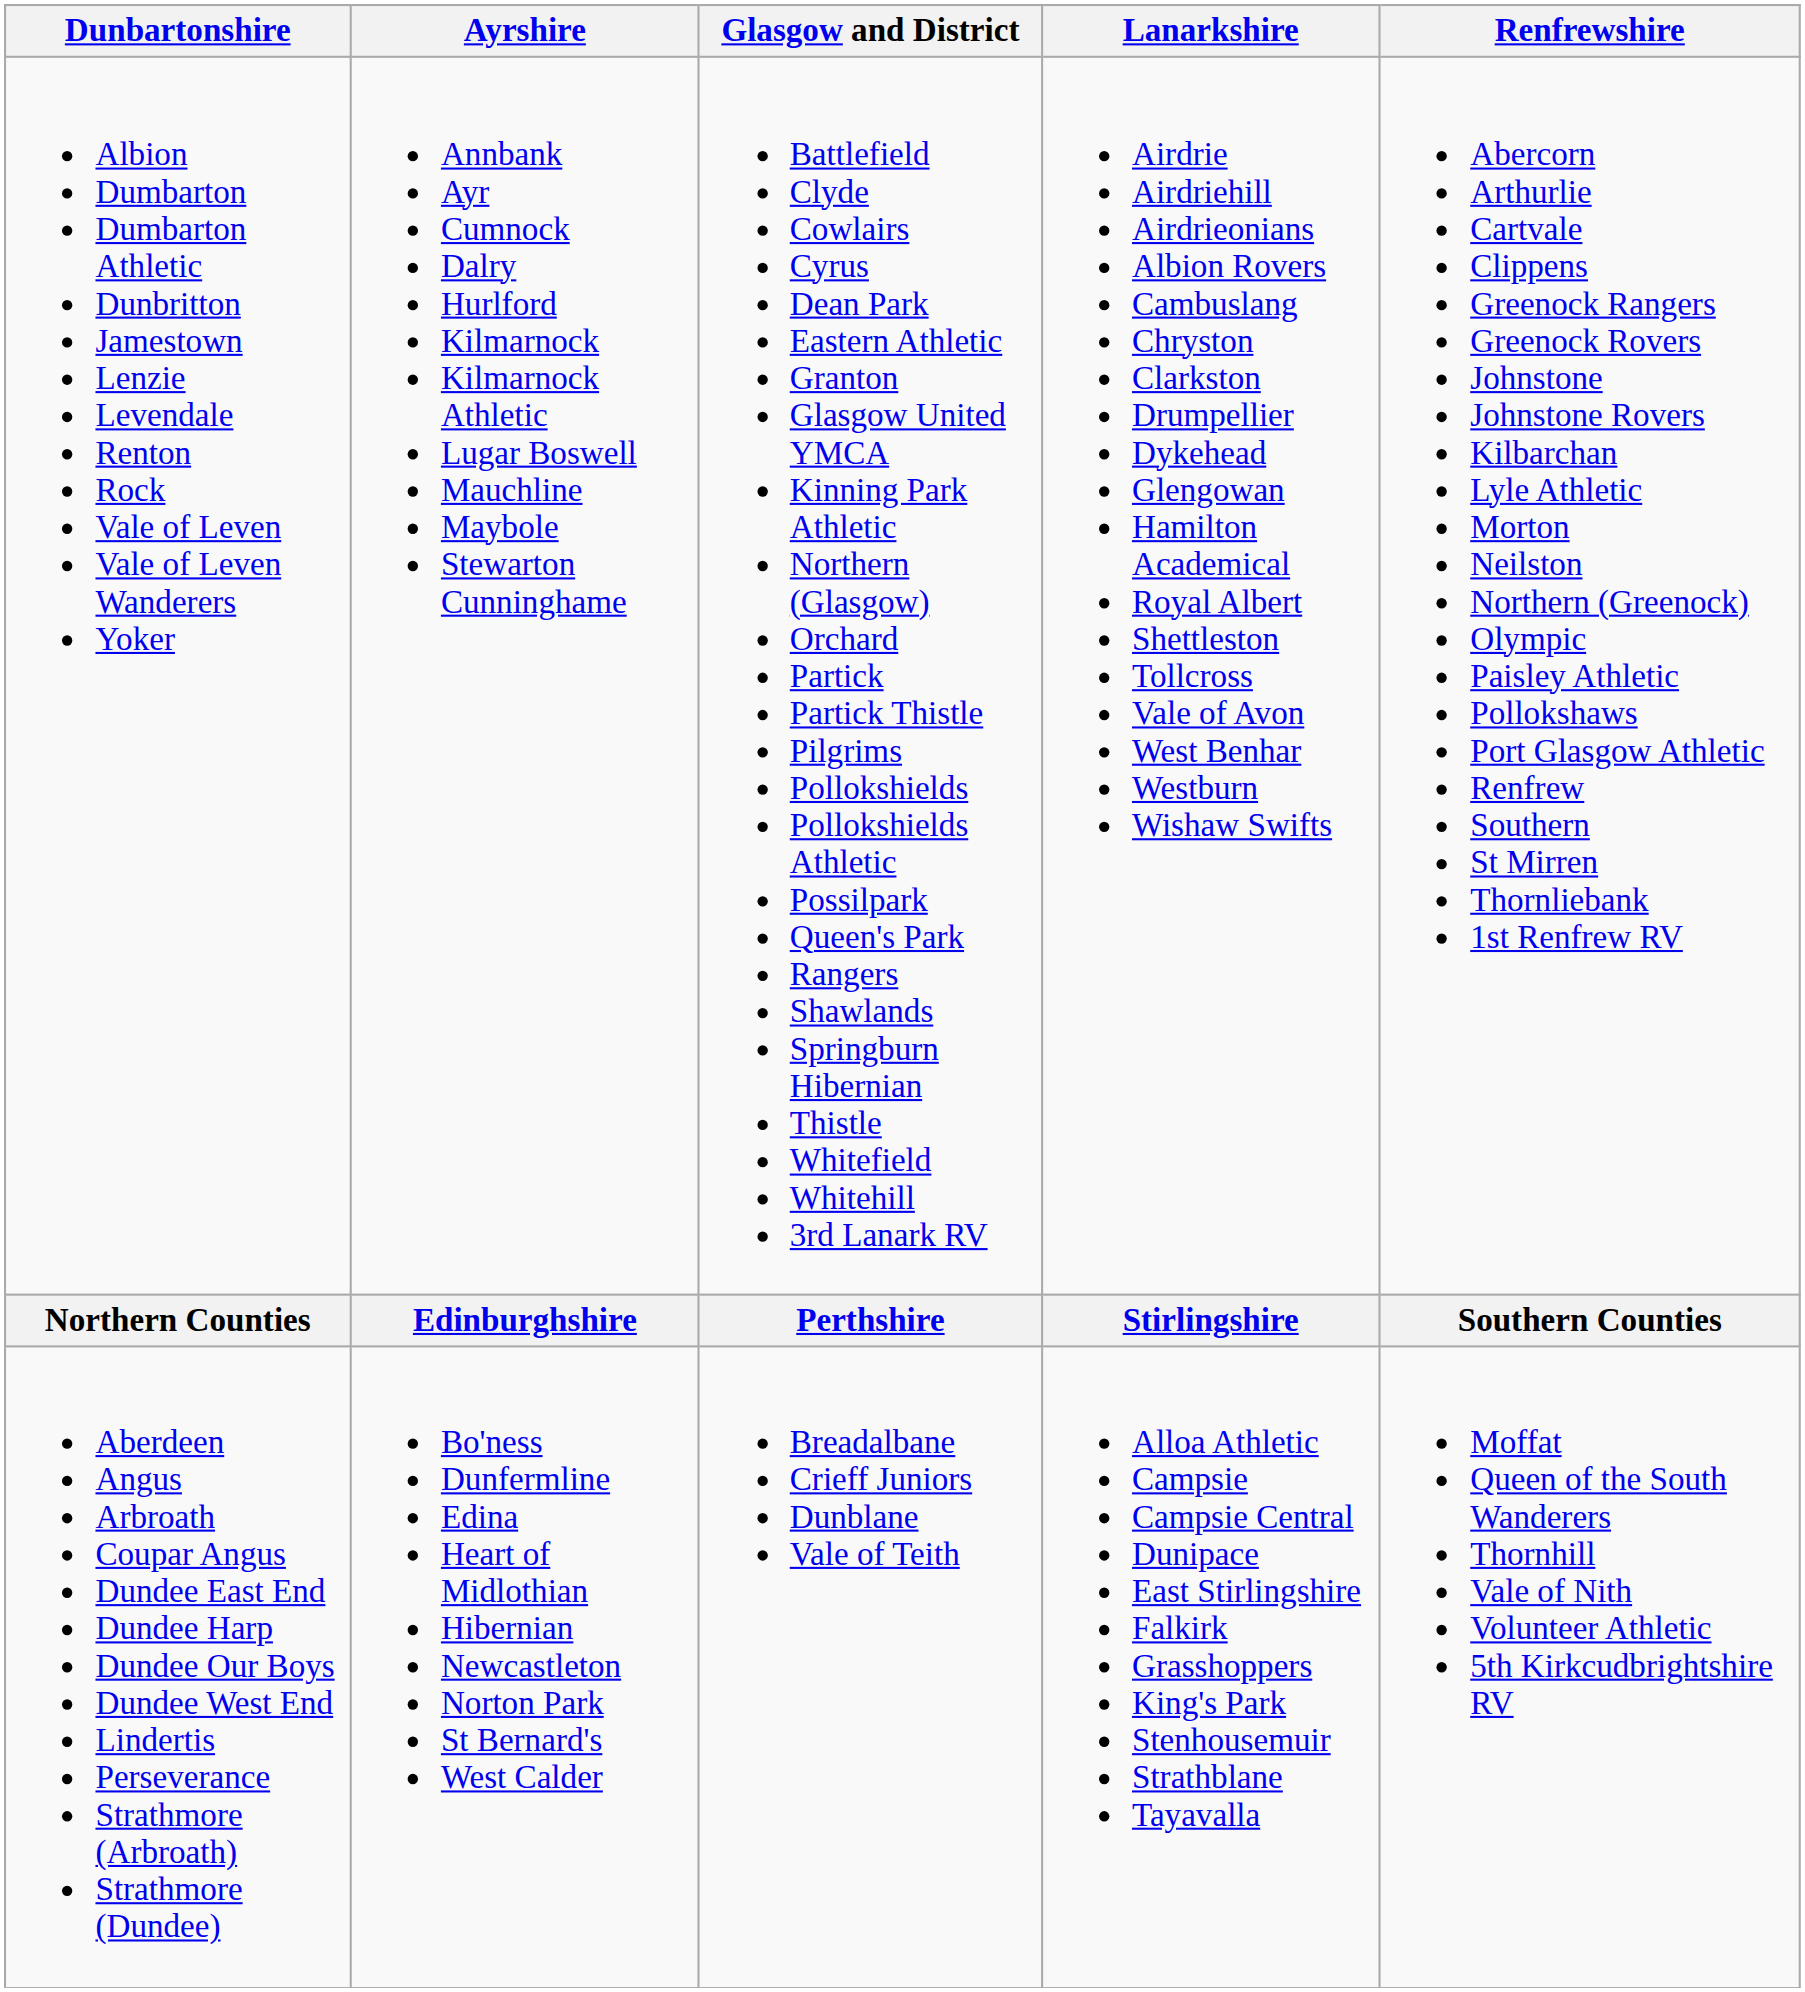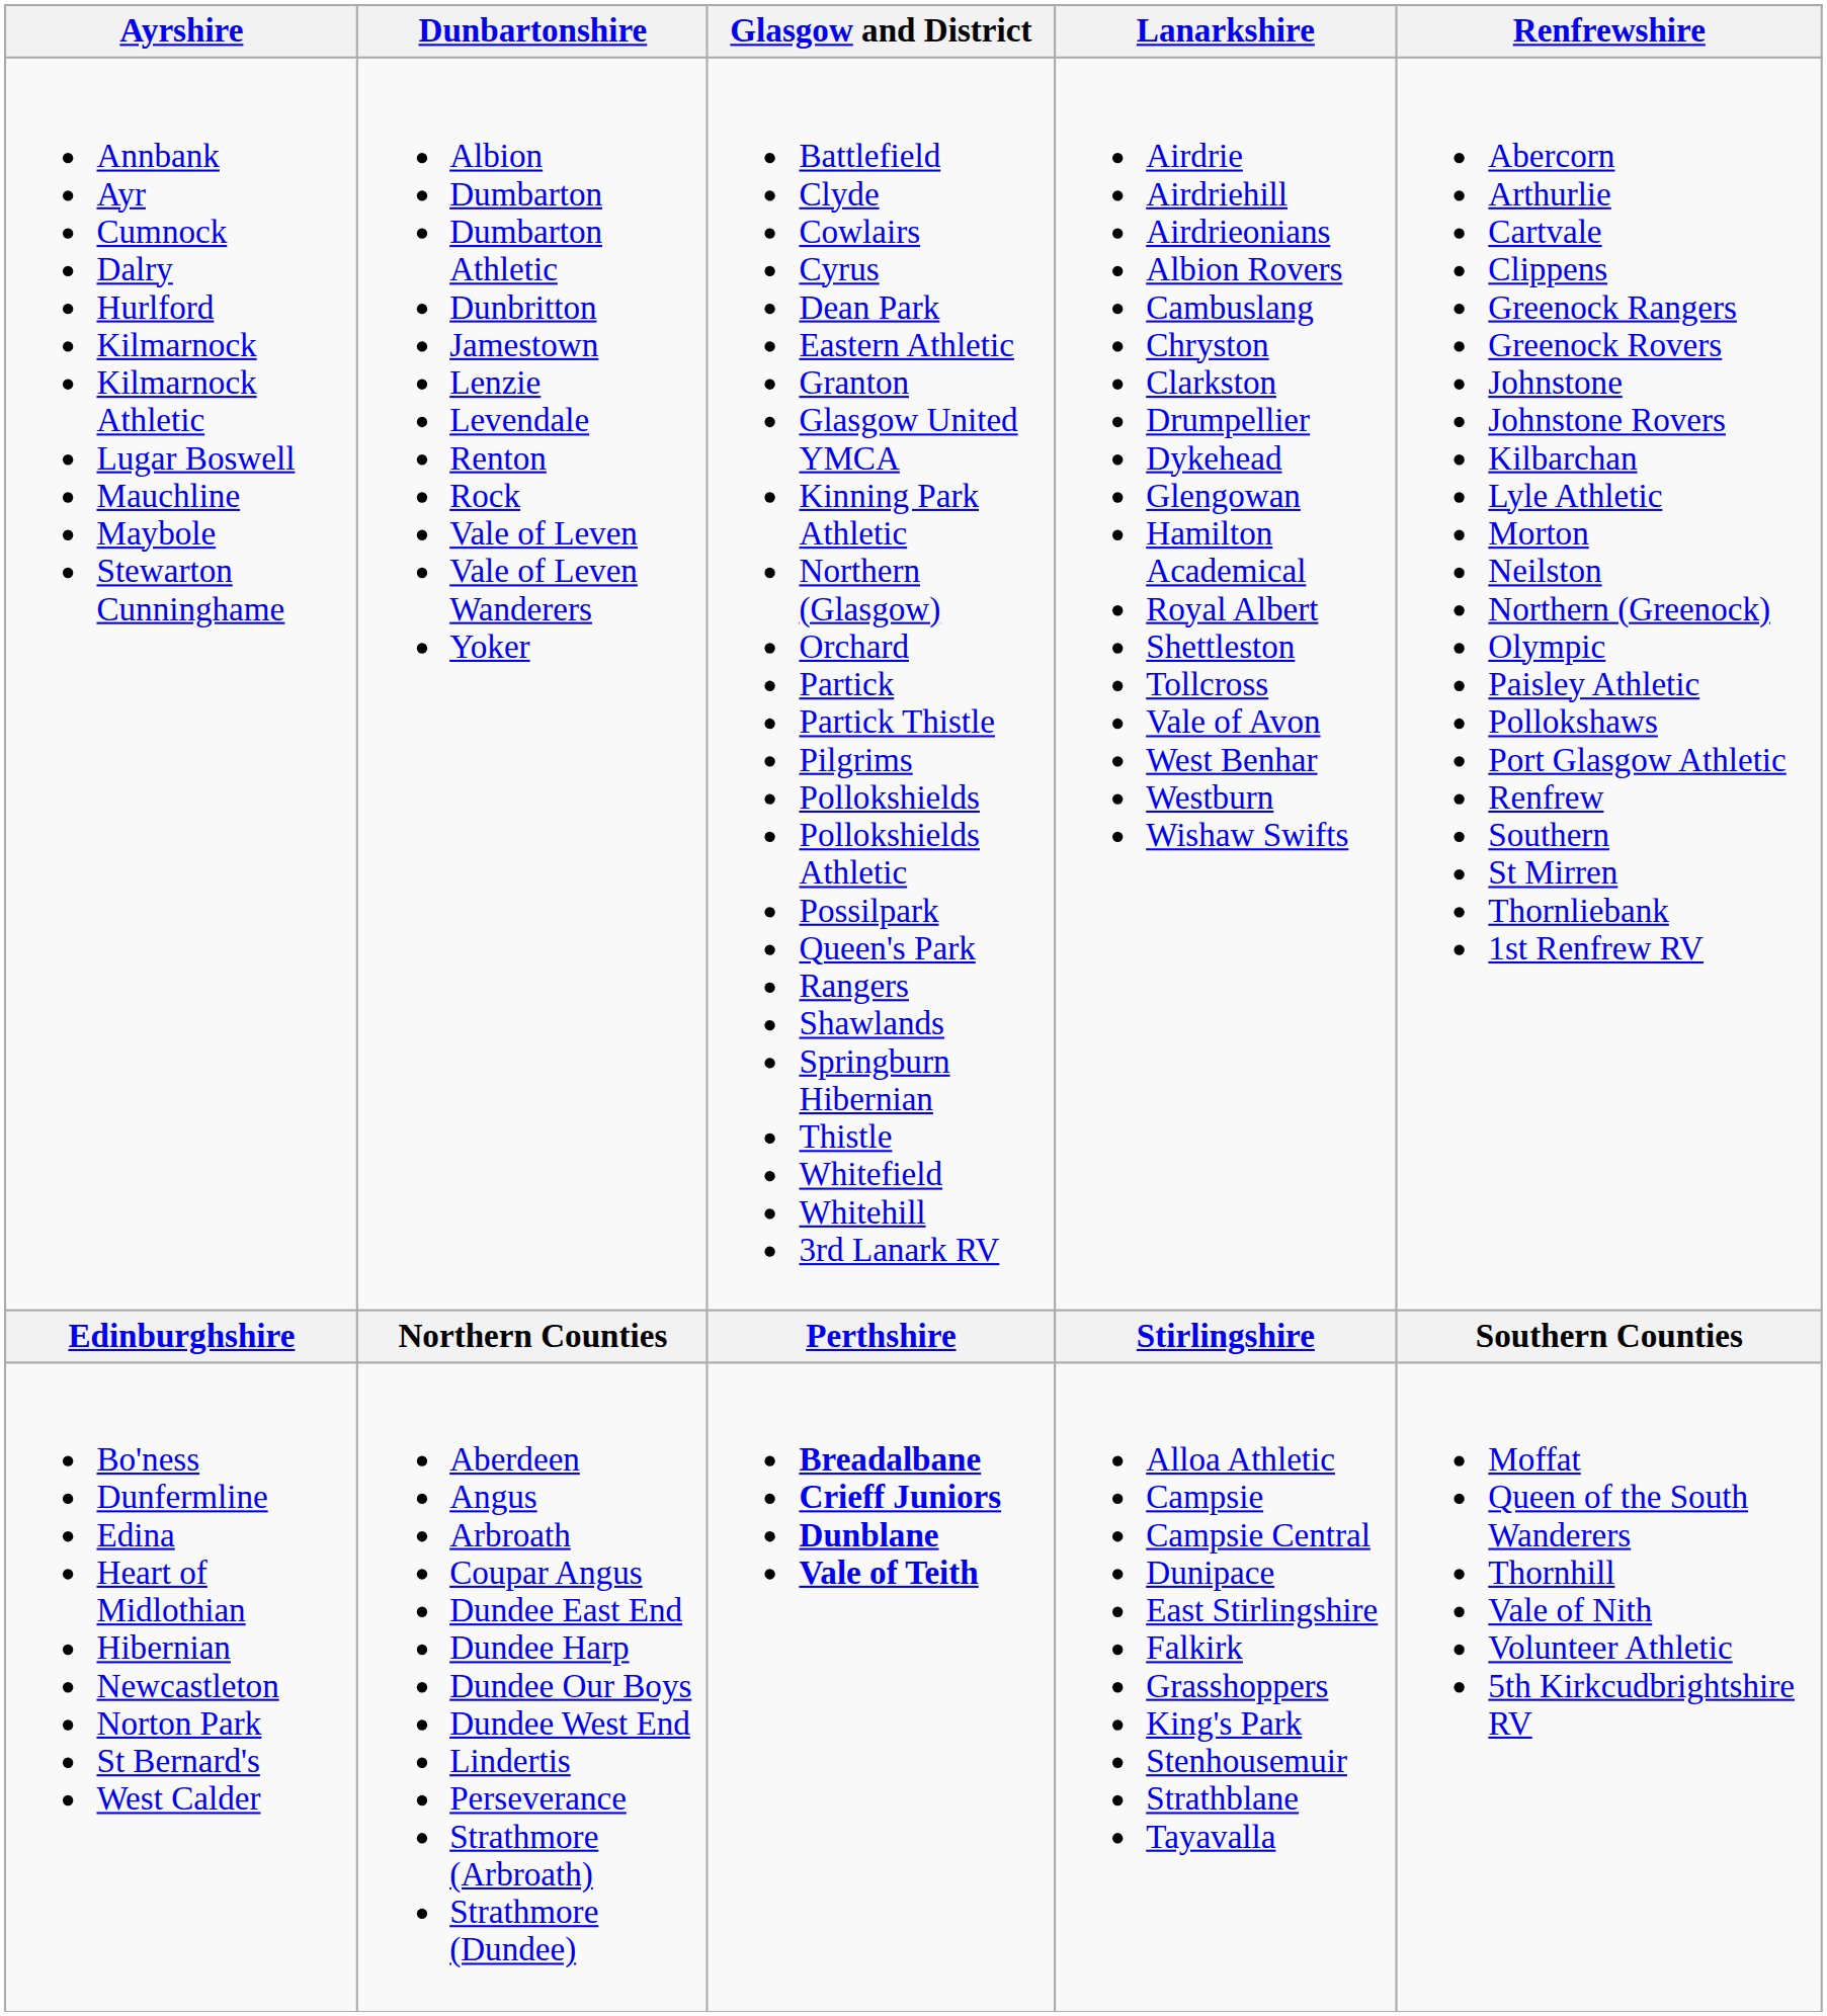 <table class="wikitable" style="text-align:left">
 <tr>
+<th><a href='#'>Ayrshire</a></th>
 <th><a href='#'>Dunbartonshire</a></th>
-<th><a href='#'>Ayrshire</a></th>
 <th><a href='#'>Glasgow</a> and District</th>
 <th><a href='#'>Lanarkshire</a></th>
 <th><a href='#'>Renfrewshire</a></th>
 </tr>
 <tr>
+<td valign=top><br><ul><li><a href='#'>Annbank</a></li><li><a href='#'>Ayr</a></li><li><a href='#'>Cumnock</a></li><li><a href='#'>Dalry</a></li><li><a href='#'>Hurlford</a></li><li><a href='#'>Kilmarnock</a></li><li><a href='#'>Kilmarnock Athletic</a></li><li><a href='#'>Lugar Boswell</a></li><li><a href='#'>Mauchline</a></li><li><a href='#'>Maybole</a></li><li><a href='#'>Stewarton Cunninghame</a></li></ul></td>
 <td valign=top><br><ul><li><a href='#'>Albion</a></li><li><a href='#'>Dumbarton</a></li><li><a href='#'>Dumbarton Athletic</a></li><li><a href='#'>Dunbritton</a></li><li><a href='#'>Jamestown</a></li><li><a href='#'>Lenzie</a></li><li><a href='#'>Levendale</a></li><li><a href='#'>Renton</a></li><li><a href='#'>Rock</a></li><li><a href='#'>Vale of Leven</a></li><li><a href='#'>Vale of Leven Wanderers</a></li><li><a href='#'>Yoker</a></li></ul></td>
-<td valign=top><br><ul><li><a href='#'>Annbank</a></li><li><a href='#'>Ayr</a></li><li><a href='#'>Cumnock</a></li><li><a href='#'>Dalry</a></li><li><a href='#'>Hurlford</a></li><li><a href='#'>Kilmarnock</a></li><li><a href='#'>Kilmarnock Athletic</a></li><li><a href='#'>Lugar Boswell</a></li><li><a href='#'>Mauchline</a></li><li><a href='#'>Maybole</a></li><li><a href='#'>Stewarton Cunninghame</a></li></ul></td>
 <td valign=top><br><ul><li><a href='#'>Battlefield</a></li><li><a href='#'>Clyde</a></li><li><a href='#'>Cowlairs</a></li><li><a href='#'>Cyrus</a></li><li><a href='#'>Dean Park</a></li><li><a href='#'>Eastern Athletic</a></li><li><a href='#'>Granton</a></li><li><a href='#'>Glasgow United YMCA</a></li><li><a href='#'>Kinning Park Athletic</a></li><li><a href='#'>Northern (Glasgow)</a></li><li><a href='#'>Orchard</a></li><li><a href='#'>Partick</a></li><li><a href='#'>Partick Thistle</a></li><li><a href='#'>Pilgrims</a></li><li><a href='#'>Pollokshields</a></li><li><a href='#'>Pollokshields Athletic</a></li><li><a href='#'>Possilpark</a></li><li><a href='#'>Queen's Park</a></li><li><a href='#'>Rangers</a></li><li><a href='#'>Shawlands</a></li><li><a href='#'>Springburn Hibernian</a></li><li><a href='#'>Thistle</a></li><li><a href='#'>Whitefield</a></li><li><a href='#'>Whitehill</a></li><li><a href='#'>3rd Lanark RV</a></li></ul></td>
 <td valign=top><br><ul><li><a href='#'>Airdrie</a></li><li><a href='#'>Airdriehill</a></li><li><a href='#'>Airdrieonians</a></li><li><a href='#'>Albion Rovers</a></li><li><a href='#'>Cambuslang</a></li><li><a href='#'>Chryston</a></li><li><a href='#'>Clarkston</a></li><li><a href='#'>Drumpellier</a></li><li><a href='#'>Dykehead</a></li><li><a href='#'>Glengowan</a></li><li><a href='#'>Hamilton Academical</a></li><li><a href='#'>Royal Albert</a></li><li><a href='#'>Shettleston</a></li><li><a href='#'>Tollcross</a></li><li><a href='#'>Vale of Avon</a></li><li><a href='#'>West Benhar</a></li><li><a href='#'>Westburn</a></li><li><a href='#'>Wishaw Swifts</a></li></ul></td>
 <td valign=top><br><ul><li><a href='#'>Abercorn</a></li><li><a href='#'>Arthurlie</a></li><li><a href='#'>Cartvale</a></li><li><a href='#'>Clippens</a></li><li><a href='#'>Greenock Rangers</a></li><li><a href='#'>Greenock Rovers</a></li><li><a href='#'>Johnstone</a></li><li><a href='#'>Johnstone Rovers</a></li><li><a href='#'>Kilbarchan</a></li><li><a href='#'>Lyle Athletic</a></li><li><a href='#'>Morton</a></li><li><a href='#'>Neilston</a></li><li><a href='#'>Northern (Greenock)</a></li><li><a href='#'>Olympic</a></li><li><a href='#'>Paisley Athletic</a></li><li><a href='#'>Pollokshaws</a></li><li><a href='#'>Port Glasgow Athletic</a></li><li><a href='#'>Renfrew</a></li><li><a href='#'>Southern</a></li><li><a href='#'>St Mirren</a></li><li><a href='#'>Thornliebank</a></li><li><a href='#'>1st Renfrew RV</a></li></ul></td>
 </tr>
 <tr>
+<th><a href='#'>Edinburghshire</a></th>
 <th>Northern Counties</th>
-<th><a href='#'>Edinburghshire</a></th>
 <th><a href='#'>Perthshire</a></th>
 <th><a href='#'>Stirlingshire</a></th>
 <th>Southern Counties</th>
 </tr>
 <tr>
+<td valign=top><br><ul><li><a href='#'>Bo'ness</a></li><li><a href='#'>Dunfermline</a></li><li><a href='#'>Edina</a></li><li><a href='#'>Heart of Midlothian</a></li><li><a href='#'>Hibernian</a></li><li><a href='#'>Newcastleton</a></li><li><a href='#'>Norton Park</a></li><li><a href='#'>St Bernard's</a></li><li><a href='#'>West Calder</a></li></ul></td>
 <td valign=top><br><ul><li><a href='#'>Aberdeen</a></li><li><a href='#'>Angus</a></li><li><a href='#'>Arbroath</a></li><li><a href='#'>Coupar Angus</a></li><li><a href='#'>Dundee East End</a></li><li><a href='#'>Dundee Harp</a></li><li><a href='#'>Dundee Our Boys</a></li><li><a href='#'>Dundee West End</a></li><li><a href='#'>Lindertis</a></li><li><a href='#'>Perseverance</a></li><li><a href='#'>Strathmore (Arbroath)</a></li><li><a href='#'>Strathmore (Dundee)</a></li></ul></td>
-<td valign=top><br><ul><li><a href='#'>Bo'ness</a></li><li><a href='#'>Dunfermline</a></li><li><a href='#'>Edina</a></li><li><a href='#'>Heart of Midlothian</a></li><li><a href='#'>Hibernian</a></li><li><a href='#'>Newcastleton</a></li><li><a href='#'>Norton Park</a></li><li><a href='#'>St Bernard's</a></li><li><a href='#'>West Calder</a></li></ul></td>
-<td valign=top><br><ul><li><a href='#'>Breadalbane</a></li><li><a href='#'>Crieff Juniors</a></li><li><a href='#'>Dunblane</a></li><li><a href='#'>Vale of Teith</a></li></ul></td>
+<td valign=top><strong><br><ul><li><a href='#'>Breadalbane</a></li><li><a href='#'>Crieff Juniors</a></li><li><a href='#'>Dunblane</a></li><li><a href='#'>Vale of Teith</a></li></ul></strong></td>
 <td valign=top><br><ul><li><a href='#'>Alloa Athletic</a></li><li><a href='#'>Campsie</a></li><li><a href='#'>Campsie Central</a></li><li><a href='#'>Dunipace</a></li><li><a href='#'>East Stirlingshire</a></li><li><a href='#'>Falkirk</a></li><li><a href='#'>Grasshoppers</a></li><li><a href='#'>King's Park</a></li><li><a href='#'>Stenhousemuir</a></li><li><a href='#'>Strathblane</a></li><li><a href='#'>Tayavalla</a></li></ul></td>
 <td valign=top><br><ul><li><a href='#'>Moffat</a></li><li><a href='#'>Queen of the South Wanderers</a></li><li><a href='#'>Thornhill</a></li><li><a href='#'>Vale of Nith</a></li><li><a href='#'>Volunteer Athletic</a></li><li><a href='#'>5th Kirkcudbrightshire RV</a></li></ul></td>
 </tr>
 </table>
